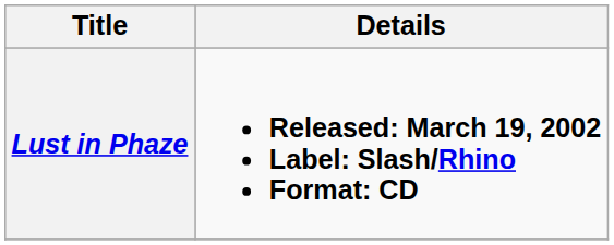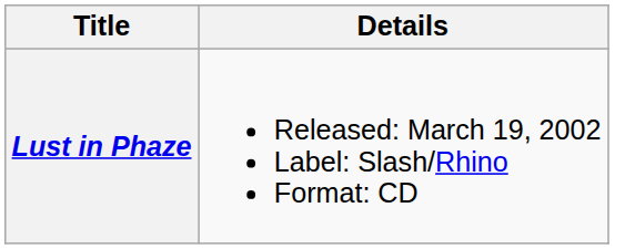 <table class="wikitable plainrowheaders">
 <tr>
 <th scope="col">Title</th>
 <th scope="col">Details</th>
 </tr>
 <tr>
 <th scope="row"><em><a href='#'>Lust in Phaze</a></em></th>
-<td><strong><br><ul><li>Released: March 19, 2002</li><li>Label: Slash/<a href='#'>Rhino</a></li><li>Format: CD</li></ul></strong></td>
+<td><br><ul><li>Released: March 19, 2002</li><li>Label: Slash/<a href='#'>Rhino</a></li><li>Format: CD</li></ul></td>
 </tr>
 </table>
